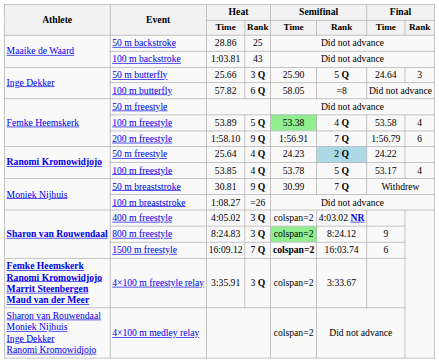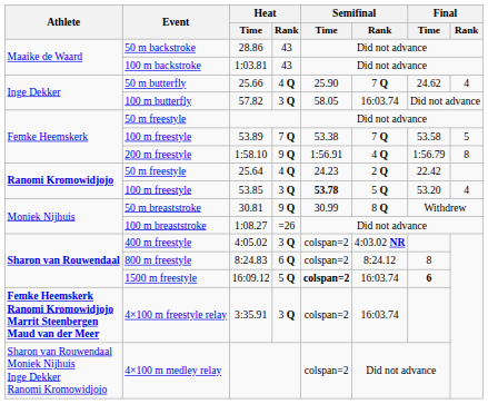 <table class=wikitable style="font-size:90%">
 <tr>
 <th rowspan="2">Athlete</th>
 <th rowspan="2">Event</th>
 <th colspan="2">Heat</th>
 <th colspan="2">Semifinal</th>
 <th colspan="2">Final</th>
 </tr>
 <tr style="font-size:95%">
 <th>Time</th>
 <th>Rank</th>
 <th>Time</th>
 <th>Rank</th>
 <th>Time</th>
 <th>Rank</th>
 </tr>
 <tr align=center>
 <td align=left rowspan=2><a href='#'>Maaike de Waard</a></td>
 <td align=left><a href='#'>50 m backstroke</a></td>
 <td>28.86</td>
-<td>25</td>
+<td>43</td>
 <td colspan=4>Did not advance</td>
 </tr>
 <tr align=center>
 <td align=left><a href='#'>100 m backstroke</a></td>
 <td>1:03.81</td>
 <td>43</td>
 <td colspan=4>Did not advance</td>
 </tr>
 <tr align=center>
 <td align=left rowspan=2><a href='#'>Inge Dekker</a></td>
 <td align=left><a href='#'>50 m butterfly</a></td>
 <td>25.66</td>
-<td>3 <strong>Q</strong></td>
+<td>4 <strong>Q</strong></td>
 <td>25.90</td>
-<td>5 <strong>Q</strong></td>
-<td>24.64</td>
-<td>3</td>
+<td>7 <strong>Q</strong></td>
+<td>24.62</td>
+<td>4</td>
 </tr>
 <tr align=center>
 <td align=left><a href='#'>100 m butterfly</a></td>
 <td>57.82</td>
-<td>6 <strong>Q</strong></td>
+<td>3 <strong>Q</strong></td>
 <td>58.05</td>
-<td>=8</td>
+<td>16:03.74</td>
 <td colspan=2>Did not advance</td>
 </tr>
 <tr align=center>
 <td align=left rowspan=3><a href='#'>Femke Heemskerk</a></td>
 <td align=left><a href='#'>50 m freestyle</a></td>
 <td colspan=2></td>
 <td colspan=4>Did not advance</td>
 </tr>
 <tr align=center>
 <td align=left><a href='#'>100 m freestyle</a></td>
 <td>53.89</td>
-<td>5 <strong>Q</strong></td>
-<td style="background: lightgreen;">53.38</td>
-<td>4 <strong>Q</strong></td>
+<td>7 <strong>Q</strong></td>
+<td>53.38</td>
+<td>7 <strong>Q</strong></td>
 <td>53.58</td>
-<td>4</td>
+<td>5</td>
 </tr>
 <tr align=center>
 <td align=left><a href='#'>200 m freestyle</a></td>
 <td>1:58.10</td>
 <td>9 <strong>Q</strong></td>
 <td>1:56.91</td>
-<td>7 <strong>Q</strong></td>
+<td>4 <strong>Q</strong></td>
 <td>1:56.79</td>
-<td>6</td>
+<td>8</td>
 </tr>
 <tr align=center>
 <td align=left rowspan=2><strong><a href='#'>Ranomi Kromowidjojo</a></strong></td>
 <td align=left><a href='#'>50 m freestyle</a></td>
 <td>25.64</td>
 <td>4 <strong>Q</strong></td>
 <td>24.23</td>
-<td style="background: lightblue;">2 <strong>Q</strong></td>
-<td>24.22</td>
+<td>2 <strong>Q</strong></td>
+<td>22.42</td>
 <td></td>
 </tr>
 <tr align=center>
 <td align=left><a href='#'>100 m freestyle</a></td>
 <td>53.85</td>
-<td>4 <strong>Q</strong></td>
-<td>53.78</td>
+<td>3 <strong>Q</strong></td>
+<td><strong>53.78</strong></td>
 <td>5 <strong>Q</strong></td>
-<td>53.17</td>
+<td>53.20</td>
 <td>4</td>
 </tr>
 <tr align=center>
 <td align=left rowspan=2><a href='#'>Moniek Nijhuis</a></td>
 <td align=left><a href='#'>50 m breaststroke</a></td>
 <td>30.81</td>
 <td>9 <strong>Q</strong></td>
 <td>30.99</td>
-<td>7 <strong>Q</strong></td>
+<td>8 <strong>Q</strong></td>
 <td colspan=2>Withdrew</td>
 </tr>
 <tr align=center>
 <td align=left><a href='#'>100 m breaststroke</a></td>
 <td>1:08.27</td>
 <td>=26</td>
 <td colspan=4>Did not advance</td>
 </tr>
 <tr align=center>
 <td align=left rowspan=3><strong><a href='#'>Sharon van Rouwendaal</a></strong></td>
 <td align=left><a href='#'>400 m freestyle</a></td>
 <td>4:05.02</td>
 <td>3 <strong>Q</strong></td>
 <td>colspan=2 </td>
 <td>4:03.02 <strong><a href='#'>NR</a></strong></td>
 <td></td>
 </tr>
 <tr align=center>
 <td align=left><a href='#'>800 m freestyle</a></td>
 <td>8:24.83</td>
-<td>3 <strong>Q</strong></td>
-<td style="background: lightgreen;">colspan=2 </td>
+<td>6 <strong>Q</strong></td>
+<td>colspan=2 </td>
 <td>8:24.12</td>
-<td>9</td>
+<td>8</td>
 </tr>
 <tr align=center>
 <td align=left><a href='#'>1500 m freestyle</a></td>
 <td>16:09.12</td>
-<td>7 <strong>Q</strong></td>
+<td>5 <strong>Q</strong></td>
 <td><strong>colspan=2 </strong></td>
 <td>16:03.74</td>
-<td>6</td>
+<td><strong>6</strong></td>
 </tr>
 <tr align=center>
 <td align=left><strong><a href='#'>Femke Heemskerk</a><br><a href='#'>Ranomi Kromowidjojo</a><br><a href='#'>Marrit Steenbergen</a><br><a href='#'>Maud van der Meer</a></strong></td>
 <td align=left><a href='#'>4×100 m freestyle relay</a></td>
 <td>3:35.91</td>
 <td>3 <strong>Q</strong></td>
 <td>colspan=2 </td>
-<td>3:33.67</td>
+<td>16:03.74</td>
 <td></td>
 </tr>
 <tr align=center>
 <td align=left><a href='#'>Sharon van Rouwendaal</a><br><a href='#'>Moniek Nijhuis</a><br><a href='#'>Inge Dekker</a><br><a href='#'>Ranomi Kromowidjojo</a></td>
 <td align=left><a href='#'>4×100 m medley relay</a></td>
 <td colspan=2></td>
 <td>colspan=2 </td>
 <td colspan=2>Did not advance</td>
 </tr>
 </table>
